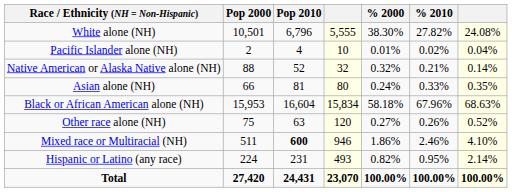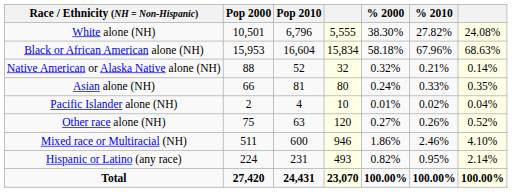 <table class="wikitable" style="text-align:center;">
 <tr>
 <th>Race / Ethnicity <small>(<em>NH = Non-Hispanic</em>)</small></th>
 <th>Pop 2000</th>
 <th>Pop 2010</th>
 <th></th>
 <th>% 2000</th>
 <th>% 2010</th>
 <th></th>
 </tr>
 <tr>
 <td><a href='#'>White</a> alone (NH)</td>
 <td>10,501</td>
 <td>6,796</td>
 <td style='background: #ffffe6;'>5,555</td>
 <td>38.30%</td>
 <td>27.82%</td>
 <td style='background: #ffffe6;'>24.08%</td>
 </tr>
 <tr>
-<td><a href='#'>Pacific Islander</a> alone (NH)</td>
-<td>2</td>
-<td>4</td>
-<td style='background: #ffffe6;'>10</td>
-<td>0.01%</td>
-<td>0.02%</td>
-<td style='background: #ffffe6;'>0.04%</td>
+<td><a href='#'>Black or African American</a> alone (NH)</td>
+<td>15,953</td>
+<td>16,604</td>
+<td style='background: #ffffe6;'>15,834</td>
+<td>58.18%</td>
+<td>67.96%</td>
+<td style='background: #ffffe6;'>68.63%</td>
 </tr>
 <tr>
 <td><a href='#'>Native American</a> or <a href='#'>Alaska Native</a> alone (NH)</td>
 <td>88</td>
 <td>52</td>
 <td style='background: #ffffe6;'>32</td>
 <td>0.32%</td>
 <td>0.21%</td>
 <td style='background: #ffffe6;'>0.14%</td>
 </tr>
 <tr>
 <td><a href='#'>Asian</a> alone (NH)</td>
 <td>66</td>
 <td>81</td>
 <td style='background: #ffffe6;'>80</td>
 <td>0.24%</td>
 <td>0.33%</td>
 <td style='background: #ffffe6;'>0.35%</td>
 </tr>
 <tr>
-<td><a href='#'>Black or African American</a> alone (NH)</td>
-<td>15,953</td>
-<td>16,604</td>
-<td style='background: #ffffe6;'>15,834</td>
-<td>58.18%</td>
-<td>67.96%</td>
-<td style='background: #ffffe6;'>68.63%</td>
+<td><a href='#'>Pacific Islander</a> alone (NH)</td>
+<td>2</td>
+<td>4</td>
+<td style='background: #ffffe6;'>10</td>
+<td>0.01%</td>
+<td>0.02%</td>
+<td style='background: #ffffe6;'>0.04%</td>
 </tr>
 <tr>
 <td><a href='#'>Other race</a> alone (NH)</td>
 <td>75</td>
 <td>63</td>
 <td style='background: #ffffe6;'>120</td>
 <td>0.27%</td>
 <td>0.26%</td>
 <td style='background: #ffffe6;'>0.52%</td>
 </tr>
 <tr>
 <td><a href='#'>Mixed race or Multiracial</a> (NH)</td>
 <td>511</td>
-<td><strong>600</strong></td>
+<td>600</td>
 <td style='background: #ffffe6;'>946</td>
 <td>1.86%</td>
 <td>2.46%</td>
 <td style='background: #ffffe6;'>4.10%</td>
 </tr>
 <tr>
 <td><a href='#'>Hispanic or Latino</a> (any race)</td>
 <td>224</td>
 <td>231</td>
 <td style='background: #ffffe6;'>493</td>
 <td>0.82%</td>
 <td>0.95%</td>
 <td style='background: #ffffe6;'>2.14%</td>
 </tr>
 <tr>
 <td><strong>Total</strong></td>
 <td><strong>27,420</strong></td>
 <td><strong>24,431</strong></td>
 <td style='background: #ffffe6;'><strong>23,070</strong></td>
 <td><strong>100.00%</strong></td>
 <td><strong>100.00%</strong></td>
 <td style='background: #ffffe6;'><strong>100.00%</strong></td>
 </tr>
 </table>
